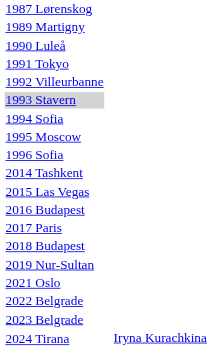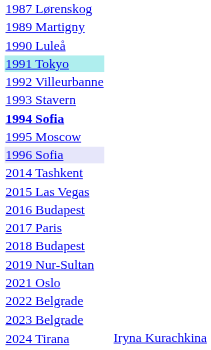 <table>
 <tr>
 <td><a href='#'>1987 Lørenskog</a></td>
 <td></td>
 <td></td>
 <td></td>
 </tr>
 <tr>
 <td><a href='#'>1989 Martigny</a></td>
 <td></td>
 <td></td>
 <td></td>
 </tr>
 <tr>
 <td><a href='#'>1990 Luleå</a></td>
 <td></td>
 <td></td>
 <td></td>
 </tr>
 <tr>
-<td><a href='#'>1991 Tokyo</a></td>
+<td style="background: paleturquoise;"><a href='#'>1991 Tokyo</a></td>
 <td></td>
 <td></td>
 <td></td>
 </tr>
 <tr>
 <td><a href='#'>1992 Villeurbanne</a></td>
 <td></td>
 <td></td>
 <td></td>
 </tr>
 <tr>
-<td style="background: lightgrey;"><a href='#'>1993 Stavern</a></td>
+<td><a href='#'>1993 Stavern</a></td>
 <td></td>
 <td></td>
 <td></td>
 </tr>
 <tr>
-<td><a href='#'>1994 Sofia</a></td>
+<td><strong><a href='#'>1994 Sofia</a></strong></td>
 <td></td>
 <td></td>
 <td></td>
 </tr>
 <tr>
 <td><a href='#'>1995 Moscow</a></td>
 <td></td>
 <td></td>
 <td></td>
 </tr>
 <tr>
-<td><a href='#'>1996 Sofia</a></td>
+<td style="background: lavender;"><a href='#'>1996 Sofia</a></td>
 <td></td>
 <td></td>
 <td></td>
 </tr>
 <tr>
 <td rowspan=2><a href='#'>2014 Tashkent</a></td>
 <td rowspan=2></td>
 <td rowspan=2></td>
 <td></td>
 </tr>
 <tr>
 <td></td>
 </tr>
 <tr>
 <td rowspan=2><a href='#'>2015 Las Vegas</a></td>
 <td rowspan=2></td>
 <td rowspan=2></td>
 <td></td>
 </tr>
 <tr>
 <td></td>
 </tr>
 <tr>
 <td rowspan=2><a href='#'>2016 Budapest</a></td>
 <td rowspan=2></td>
 <td rowspan=2></td>
 <td></td>
 </tr>
 <tr>
 <td></td>
 </tr>
 <tr>
 <td rowspan=2><a href='#'>2017 Paris</a></td>
 <td rowspan=2></td>
 <td rowspan=2></td>
 <td></td>
 </tr>
 <tr>
 <td></td>
 </tr>
 <tr>
 <td rowspan=2><a href='#'>2018 Budapest</a></td>
 <td rowspan=2></td>
 <td rowspan=2></td>
 <td></td>
 </tr>
 <tr>
 <td></td>
 </tr>
 <tr>
 <td rowspan=2><a href='#'>2019 Nur-Sultan</a></td>
 <td rowspan=2></td>
 <td rowspan=2></td>
 <td></td>
 </tr>
 <tr>
 <td></td>
 </tr>
 <tr>
 <td rowspan=2><a href='#'>2021 Oslo</a></td>
 <td rowspan=2></td>
 <td rowspan=2></td>
 <td></td>
 </tr>
 <tr>
 <td></td>
 </tr>
 <tr>
 <td rowspan=2><a href='#'>2022 Belgrade</a></td>
 <td rowspan=2></td>
 <td rowspan=2></td>
 <td></td>
 </tr>
 <tr>
 <td></td>
 </tr>
 <tr>
 <td rowspan=2><a href='#'>2023 Belgrade</a></td>
 <td rowspan=2></td>
 <td rowspan=2></td>
 <td></td>
 </tr>
 <tr>
 <td></td>
 </tr>
 <tr>
 <td rowspan=2><a href='#'>2024 Tirana</a></td>
 <td rowspan=2></td>
 <td rowspan=2></td>
 <td> <a href='#'>Iryna Kurachkina</a> </td>
 </tr>
 <tr>
 <td></td>
 </tr>
 </table>
